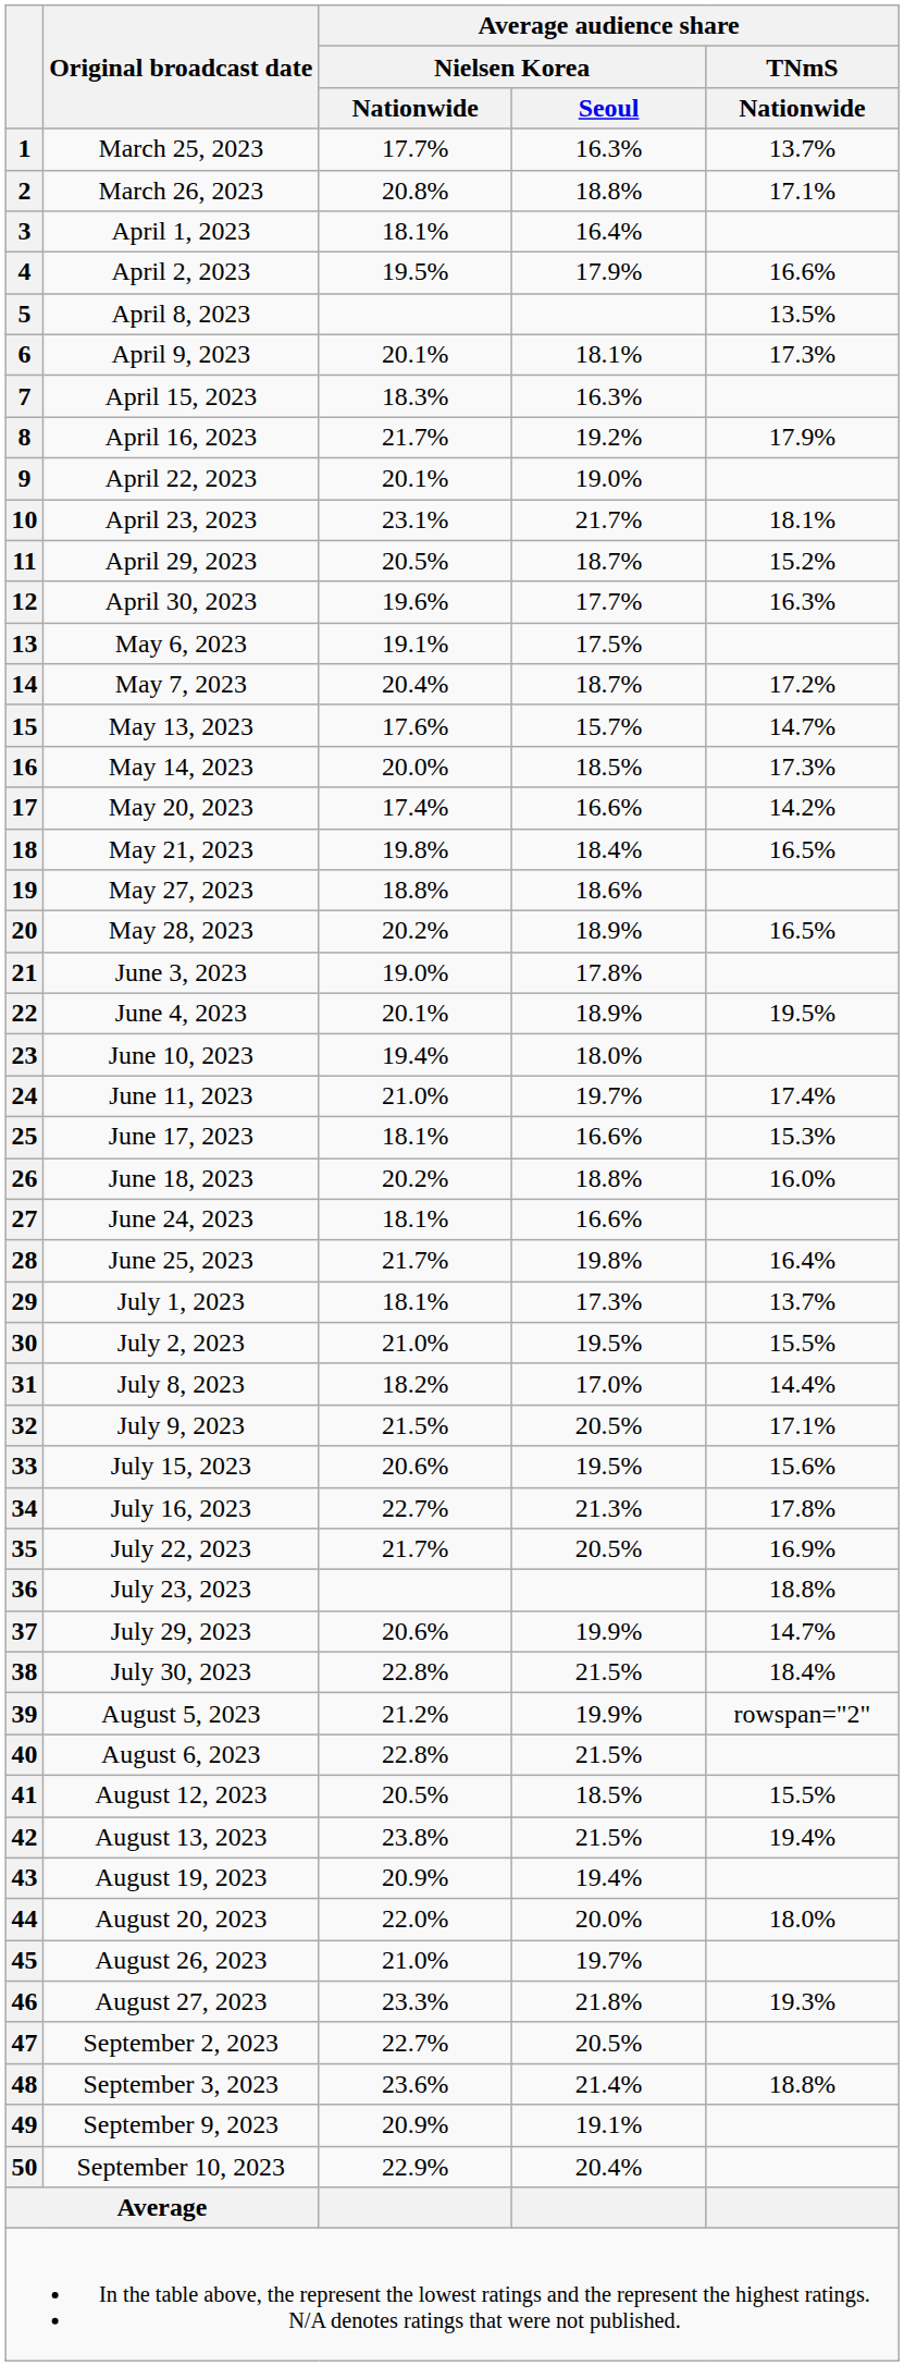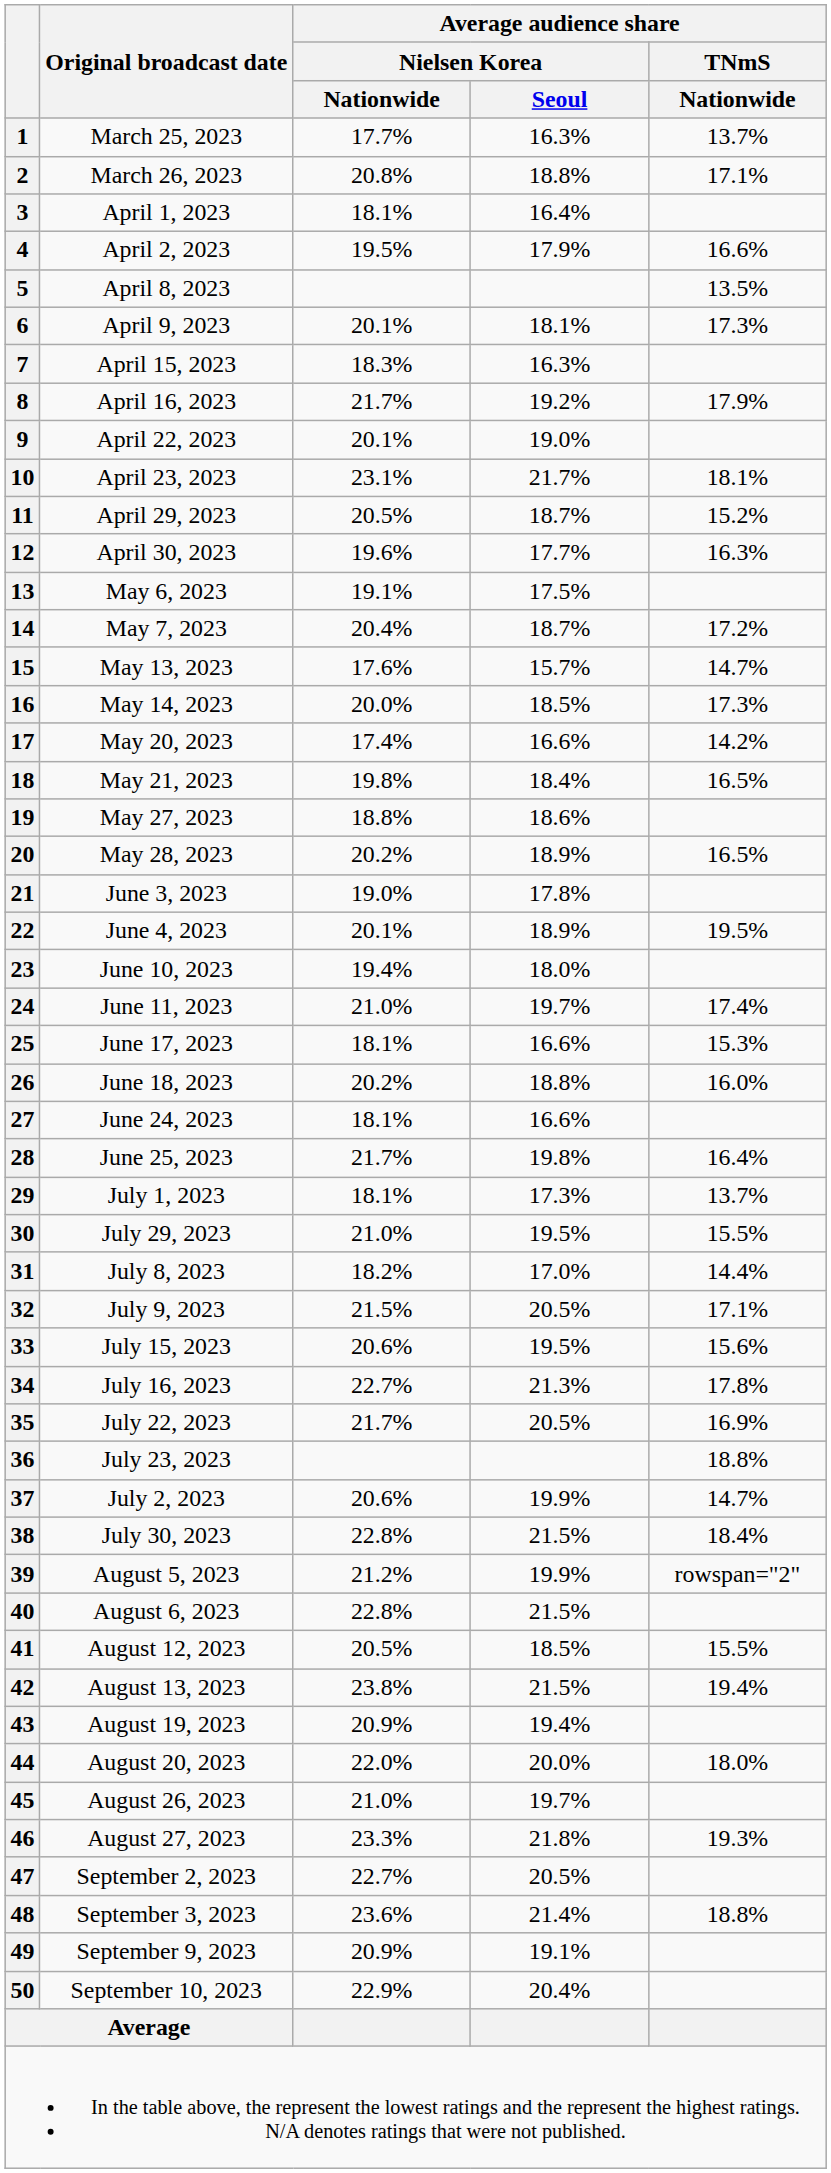 <table class="wikitable" style="text-align:center; max-width:600px; margin-left:auto; margin-right:auto">
 <tr>
 <th scope="col" rowspan="3"></th>
 <th scope="col" rowspan="3">Original broadcast date</th>
 <th scope="col" colspan="3">Average audience share</th>
 </tr>
 <tr>
 <th scope="col" colspan="2">Nielsen Korea</th>
 <th scope="col">TNmS</th>
 </tr>
 <tr>
 <th scope="col" style="width:7em">Nationwide</th>
 <th scope="col" style="width:7em"><a href='#'>Seoul</a></th>
 <th scope="col" style="width:7em">Nationwide</th>
 </tr>
 <tr>
 <th scope="row">1</th>
 <td>March 25, 2023</td>
 <td>17.7% </td>
 <td>16.3% </td>
 <td>13.7% </td>
 </tr>
 <tr>
 <th scope="row">2</th>
 <td>March 26, 2023</td>
 <td>20.8% </td>
 <td>18.8% </td>
 <td>17.1% </td>
 </tr>
 <tr>
 <th scope="row">3</th>
 <td>April 1, 2023</td>
 <td>18.1% </td>
 <td>16.4% </td>
 <td><strong></strong> </td>
 </tr>
 <tr>
 <th scope="row">4</th>
 <td>April 2, 2023</td>
 <td>19.5% </td>
 <td>17.9% </td>
 <td>16.6% </td>
 </tr>
 <tr>
 <th scope="row">5</th>
 <td>April 8, 2023</td>
 <td><strong></strong> </td>
 <td><strong></strong> </td>
 <td>13.5% </td>
 </tr>
 <tr>
 <th scope="row">6</th>
 <td>April 9, 2023</td>
 <td>20.1% </td>
 <td>18.1% </td>
 <td>17.3% </td>
 </tr>
 <tr>
 <th scope="row">7</th>
 <td>April 15, 2023</td>
 <td>18.3% </td>
 <td>16.3% </td>
 <td></td>
 </tr>
 <tr>
 <th scope="row">8</th>
 <td>April 16, 2023</td>
 <td>21.7% </td>
 <td>19.2% </td>
 <td>17.9% </td>
 </tr>
 <tr>
 <th scope="row">9</th>
 <td>April 22, 2023</td>
 <td>20.1% </td>
 <td>19.0% </td>
 <td></td>
 </tr>
 <tr>
 <th scope="row">10</th>
 <td>April 23, 2023</td>
 <td>23.1% </td>
 <td>21.7% </td>
 <td>18.1% </td>
 </tr>
 <tr>
 <th scope="row">11</th>
 <td>April 29, 2023</td>
 <td>20.5% </td>
 <td>18.7% </td>
 <td>15.2% </td>
 </tr>
 <tr>
 <th scope="row">12</th>
 <td>April 30, 2023</td>
 <td>19.6% </td>
 <td>17.7% </td>
 <td>16.3% </td>
 </tr>
 <tr>
 <th scope="row">13</th>
 <td>May 6, 2023</td>
 <td>19.1% </td>
 <td>17.5% </td>
 <td></td>
 </tr>
 <tr>
 <th scope="row">14</th>
 <td>May 7, 2023</td>
 <td>20.4% </td>
 <td>18.7% </td>
 <td>17.2% </td>
 </tr>
 <tr>
 <th scope="row">15</th>
 <td>May 13, 2023</td>
 <td>17.6% </td>
 <td>15.7% </td>
 <td>14.7% </td>
 </tr>
 <tr>
 <th scope="row">16</th>
 <td>May 14, 2023</td>
 <td>20.0% </td>
 <td>18.5% </td>
 <td>17.3% </td>
 </tr>
 <tr>
 <th scope="row">17</th>
 <td>May 20, 2023</td>
 <td>17.4% </td>
 <td>16.6% </td>
 <td>14.2% </td>
 </tr>
 <tr>
 <th scope="row">18</th>
 <td>May 21, 2023</td>
 <td>19.8% </td>
 <td>18.4% </td>
 <td>16.5% </td>
 </tr>
 <tr>
 <th scope="row">19</th>
 <td>May 27, 2023</td>
 <td>18.8% </td>
 <td>18.6% </td>
 <td></td>
 </tr>
 <tr>
 <th scope="row">20</th>
 <td>May 28, 2023</td>
 <td>20.2% </td>
 <td>18.9% </td>
 <td>16.5% </td>
 </tr>
 <tr>
 <th scope="row">21</th>
 <td>June 3, 2023</td>
 <td>19.0% </td>
 <td>17.8% </td>
 <td></td>
 </tr>
 <tr>
 <th scope="row">22</th>
 <td>June 4, 2023</td>
 <td>20.1% </td>
 <td>18.9% </td>
 <td>19.5% </td>
 </tr>
 <tr>
 <th scope="row">23</th>
 <td>June 10, 2023</td>
 <td>19.4% </td>
 <td>18.0% </td>
 <td></td>
 </tr>
 <tr>
 <th scope="row">24</th>
 <td>June 11, 2023</td>
 <td>21.0% </td>
 <td>19.7% </td>
 <td>17.4% </td>
 </tr>
 <tr>
 <th scope="row">25</th>
 <td>June 17, 2023</td>
 <td>18.1% </td>
 <td>16.6% </td>
 <td>15.3% </td>
 </tr>
 <tr>
 <th scope="row">26</th>
 <td>June 18, 2023</td>
 <td>20.2% </td>
 <td>18.8% </td>
 <td>16.0% </td>
 </tr>
 <tr>
 <th scope="row">27</th>
 <td>June 24, 2023</td>
 <td>18.1% </td>
 <td>16.6% </td>
 <td></td>
 </tr>
 <tr>
 <th scope="row">28</th>
 <td>June 25, 2023</td>
 <td>21.7% </td>
 <td>19.8% </td>
 <td>16.4% </td>
 </tr>
 <tr>
 <th scope="row">29</th>
 <td>July 1, 2023</td>
 <td>18.1% </td>
 <td>17.3% </td>
 <td>13.7% </td>
 </tr>
 <tr>
 <th scope="row">30</th>
-<td>July 2, 2023</td>
+<td>July 29, 2023</td>
 <td>21.0% </td>
 <td>19.5% </td>
 <td>15.5% </td>
 </tr>
 <tr>
 <th scope="row">31</th>
 <td>July 8, 2023</td>
 <td>18.2% </td>
 <td>17.0% </td>
 <td>14.4% </td>
 </tr>
 <tr>
 <th scope="row">32</th>
 <td>July 9, 2023</td>
 <td>21.5% </td>
 <td>20.5% </td>
 <td>17.1% </td>
 </tr>
 <tr>
 <th scope="row">33</th>
 <td>July 15, 2023</td>
 <td>20.6% </td>
 <td>19.5% </td>
 <td>15.6% </td>
 </tr>
 <tr>
 <th scope="row">34</th>
 <td>July 16, 2023</td>
 <td>22.7% </td>
 <td>21.3% </td>
 <td>17.8% </td>
 </tr>
 <tr>
 <th scope="row">35</th>
 <td>July 22, 2023</td>
 <td>21.7% </td>
 <td>20.5% </td>
 <td>16.9% </td>
 </tr>
 <tr>
 <th scope="row">36</th>
 <td>July 23, 2023</td>
 <td><strong></strong> </td>
 <td><strong></strong> </td>
 <td>18.8% </td>
 </tr>
 <tr>
 <th scope="row">37</th>
-<td>July 29, 2023</td>
+<td>July 2, 2023</td>
 <td>20.6% </td>
 <td>19.9% </td>
 <td>14.7% </td>
 </tr>
 <tr>
 <th scope="row">38</th>
 <td>July 30, 2023</td>
 <td>22.8% </td>
 <td>21.5% </td>
 <td>18.4% </td>
 </tr>
 <tr>
 <th scope="row">39</th>
 <td>August 5, 2023</td>
 <td>21.2% </td>
 <td>19.9% </td>
 <td>rowspan="2" </td>
 </tr>
 <tr>
 <th scope="row">40</th>
 <td>August 6, 2023</td>
 <td>22.8% </td>
 <td>21.5% </td>
 </tr>
 <tr>
 <th scope="row">41</th>
 <td>August 12, 2023</td>
 <td>20.5% </td>
 <td>18.5% </td>
 <td>15.5% </td>
 </tr>
 <tr>
 <th scope="row">42</th>
 <td>August 13, 2023</td>
 <td>23.8% </td>
 <td>21.5% </td>
 <td>19.4% </td>
 </tr>
 <tr>
 <th scope="row">43</th>
 <td>August 19, 2023</td>
 <td>20.9% </td>
 <td>19.4% </td>
 <td></td>
 </tr>
 <tr>
 <th scope="row">44</th>
 <td>August 20, 2023</td>
 <td>22.0% </td>
 <td>20.0% </td>
 <td>18.0% </td>
 </tr>
 <tr>
 <th scope="row">45</th>
 <td>August 26, 2023</td>
 <td>21.0% </td>
 <td>19.7% </td>
 <td></td>
 </tr>
 <tr>
 <th scope="row">46</th>
 <td>August 27, 2023</td>
 <td>23.3% </td>
 <td>21.8% </td>
 <td>19.3% </td>
 </tr>
 <tr>
 <th scope="row">47</th>
 <td>September 2, 2023</td>
 <td>22.7% </td>
 <td>20.5% </td>
 <td></td>
 </tr>
 <tr>
 <th scope="row">48</th>
 <td>September 3, 2023</td>
 <td>23.6% </td>
 <td>21.4% </td>
 <td>18.8% </td>
 </tr>
 <tr>
 <th scope="row">49</th>
 <td>September 9, 2023</td>
 <td>20.9% </td>
 <td>19.1% </td>
 <td></td>
 </tr>
 <tr>
 <th scope="row">50</th>
 <td>September 10, 2023</td>
 <td>22.9% </td>
 <td>20.4% </td>
 <td><strong></strong> </td>
 </tr>
 <tr>
 <th colspan="2">Average</th>
 <th></th>
 <th></th>
 <th></th>
 </tr>
 <tr>
 <td colspan="6" style="font-size:85%"><br><ul><li>In the table above, the <strong></strong> represent the lowest ratings and the <strong></strong> represent the highest ratings.</li><li>N/A denotes ratings that were not published.</li></ul></td>
 </tr>
 </table>
